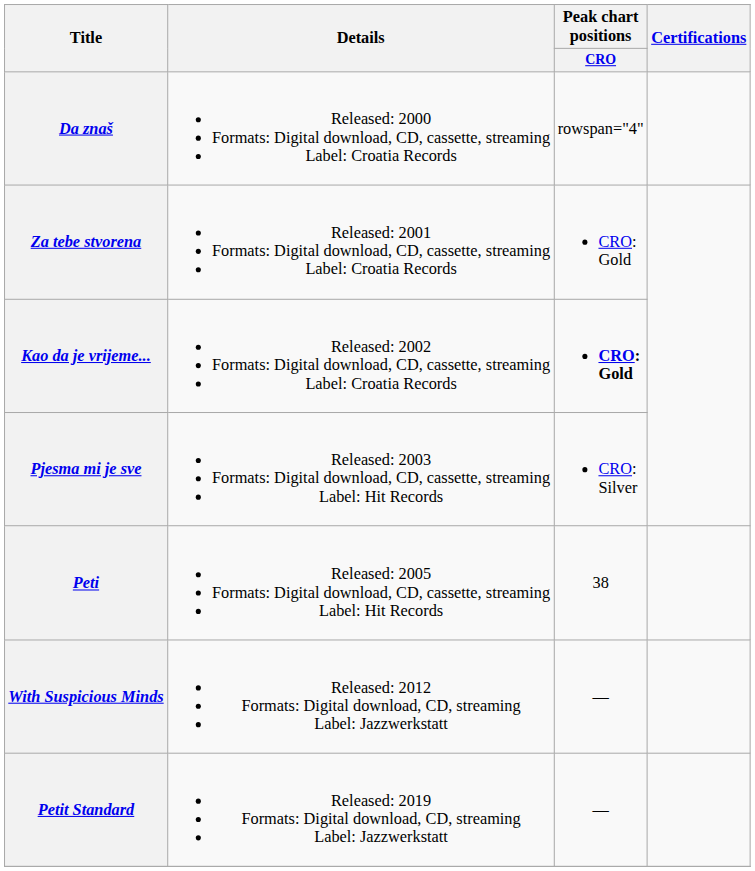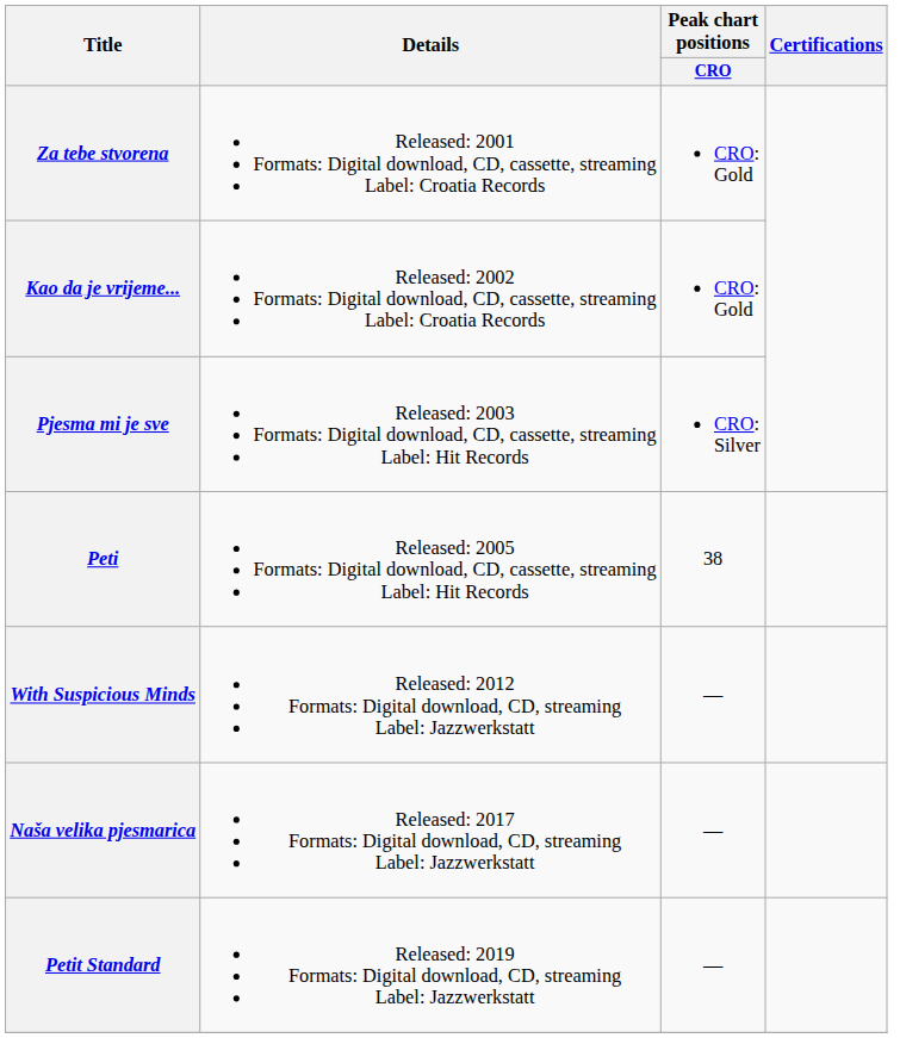 <table class="wikitable plainrowheaders" style="text-align:center;">
 <tr>
 <th scope="col" rowspan="2">Title</th>
 <th scope="col" rowspan="2">Details</th>
 <th scope="col" colspan="1">Peak chart positions</th>
 <th scope="col" rowspan="2"><a href='#'>Certifications</a></th>
 </tr>
 <tr>
 <th scope="col" style="width:3em;font-size:85%;"><a href='#'>CRO</a><br></th>
 </tr>
 <tr>
-<th scope="row"><em><a href='#'>Da znaš</a></em></th>
-<td><br><ul><li>Released: 2000</li><li>Formats: Digital download, CD, cassette, streaming</li><li>Label: Croatia Records</li></ul></td>
-<td>rowspan="4" </td>
-<td></td>
-</tr>
-<tr>
 <th scope="row"><em><a href='#'>Za tebe stvorena</a></em></th>
 <td><br><ul><li>Released: 2001</li><li>Formats: Digital download, CD, cassette, streaming</li><li>Label: Croatia Records</li></ul></td>
 <td align="left"><br><ul><li><a href='#'>CRO</a>: Gold</li></ul></td>
 </tr>
 <tr>
 <th scope="row"><em><a href='#'>Kao da je vrijeme...</a></em></th>
 <td><br><ul><li>Released: 2002</li><li>Formats: Digital download, CD, cassette, streaming</li><li>Label: Croatia Records</li></ul></td>
-<td align="left"><strong><br><ul><li><a href='#'>CRO</a>: Gold</li></ul></strong></td>
+<td align="left"><br><ul><li><a href='#'>CRO</a>: Gold</li></ul></td>
 </tr>
 <tr>
 <th scope="row"><em><a href='#'>Pjesma mi je sve</a></em></th>
 <td><br><ul><li>Released: 2003</li><li>Formats: Digital download, CD, cassette, streaming</li><li>Label: Hit Records</li></ul></td>
 <td align="left"><br><ul><li><a href='#'>CRO</a>: Silver</li></ul></td>
 </tr>
 <tr>
 <th scope="row"><em><a href='#'>Peti</a></em></th>
 <td><br><ul><li>Released: 2005</li><li>Formats: Digital download, CD, cassette, streaming</li><li>Label: Hit Records</li></ul></td>
 <td>38</td>
 <td></td>
 </tr>
 <tr>
 <th scope="row"><em><a href='#'>With Suspicious Minds</a></em></th>
 <td><br><ul><li>Released: 2012</li><li>Formats: Digital download, CD, streaming</li><li>Label: Jazzwerkstatt</li></ul></td>
 <td>—</td>
 <td></td>
 </tr>
 <tr>
+<th scope="row"><em><a href='#'>Naša velika pjesmarica</a></em></th>
+<td><br><ul><li>Released: 2017</li><li>Formats: Digital download, CD, streaming</li><li>Label: Jazzwerkstatt</li></ul></td>
+<td>—</td>
+<td></td>
+</tr>
+<tr>
 <th scope="row"><em><a href='#'>Petit Standard</a></em></th>
 <td><br><ul><li>Released: 2019</li><li>Formats: Digital download, CD, streaming</li><li>Label: Jazzwerkstatt</li></ul></td>
 <td>—</td>
 <td></td>
 </tr>
 <tr>
 </tr>
 </table>
